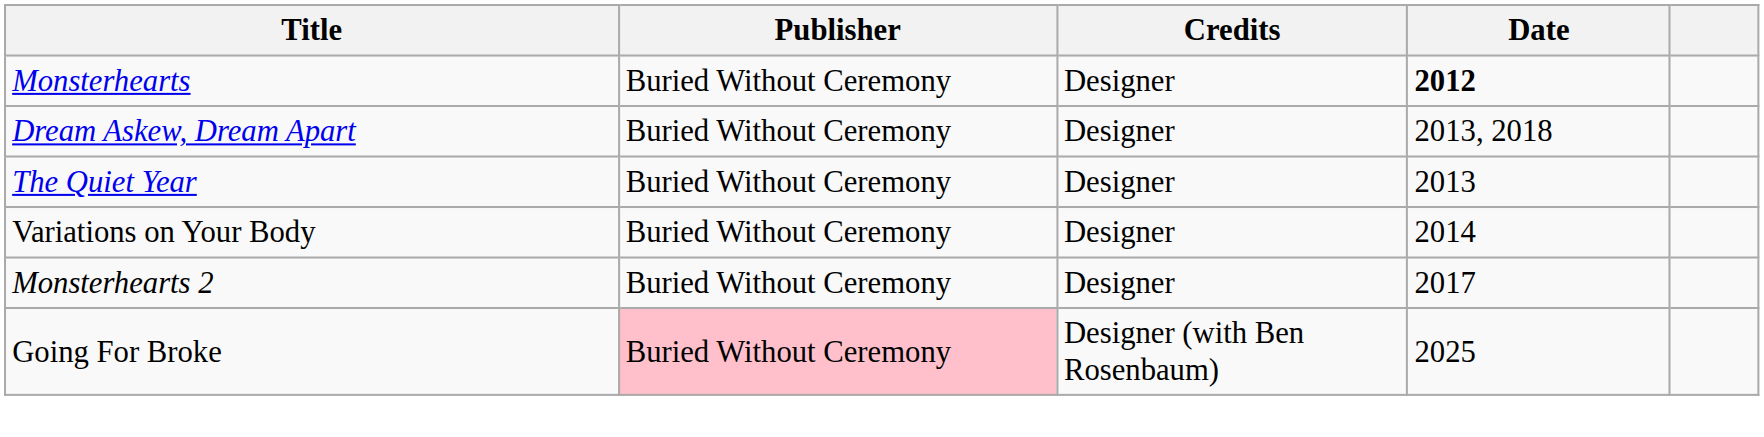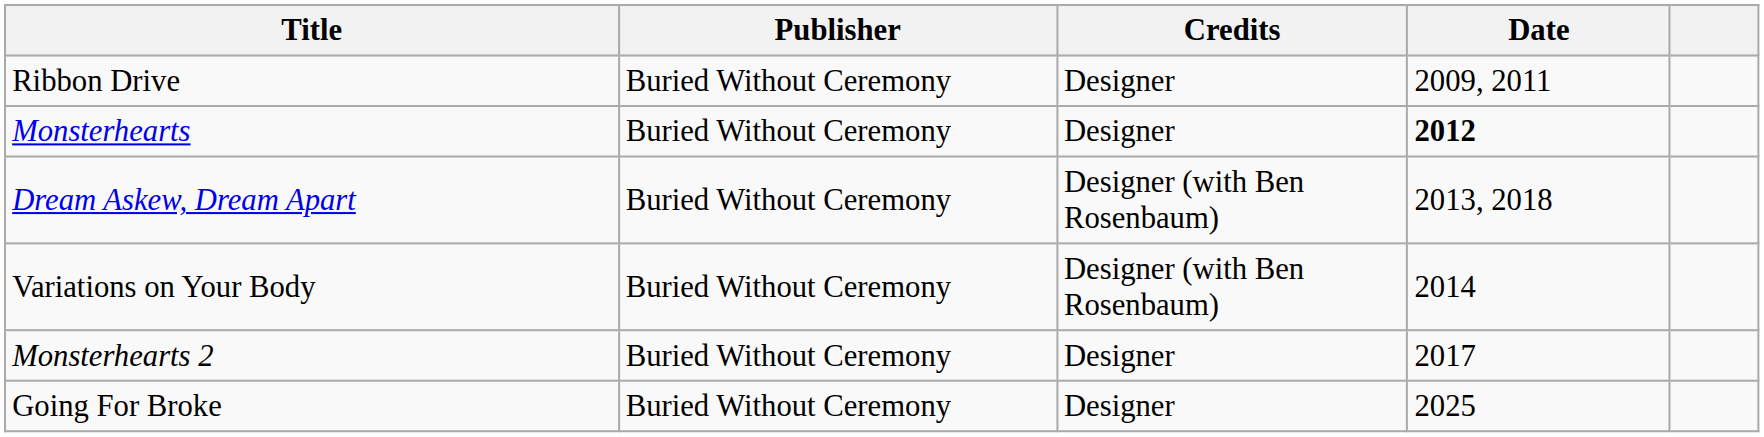 <table class="wikitable sortable" style="margins:auto; width=95%; font-size: 95%;">
 <tr>
 <th width="35%">Title</th>
 <th width="25%">Publisher</th>
 <th width="20%">Credits</th>
 <th width="15%">Date</th>
 <th width="5%"></th>
+</tr>
+<tr>
+<td>Ribbon Drive</td>
+<td>Buried Without Ceremony</td>
+<td>Designer</td>
+<td>2009, 2011</td>
+<td></td>
 </tr>
 <tr>
 <td><em><a href='#'>Monsterhearts</a></em></td>
 <td>Buried Without Ceremony</td>
 <td>Designer</td>
 <td><strong>2012</strong></td>
 <td></td>
 </tr>
 <tr>
 <td><em><a href='#'>Dream Askew, Dream Apart</a></em></td>
 <td>Buried Without Ceremony</td>
-<td>Designer</td>
+<td>Designer (with Ben Rosenbaum)</td>
 <td>2013, 2018</td>
-<td></td>
-</tr>
-<tr>
-<td><em><a href='#'>The Quiet Year</a></em></td>
-<td>Buried Without Ceremony</td>
-<td>Designer</td>
-<td>2013</td>
 <td></td>
 </tr>
 <tr>
 <td>Variations on Your Body</td>
 <td>Buried Without Ceremony</td>
-<td>Designer</td>
+<td>Designer (with Ben Rosenbaum)</td>
 <td>2014</td>
 <td></td>
 </tr>
 <tr>
 <td><em>Monsterhearts 2</em></td>
 <td>Buried Without Ceremony</td>
 <td>Designer</td>
 <td>2017</td>
 <td></td>
 </tr>
 <tr>
 <td>Going For Broke</td>
-<td style="background: pink;">Buried Without Ceremony</td>
-<td>Designer (with Ben Rosenbaum)</td>
+<td>Buried Without Ceremony</td>
+<td>Designer</td>
 <td>2025</td>
 <td></td>
 </tr>
 </table>
